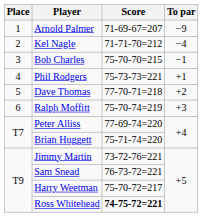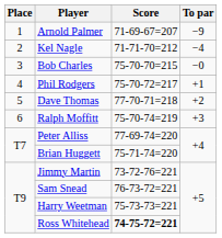 <table class="wikitable">
 <tr>
 <th>Place</th>
 <th>Player</th>
 <th>Score</th>
 <th>To par</th>
 </tr>
 <tr>
 <td align=center>1</td>
 <td> <a href='#'>Arnold Palmer</a></td>
 <td align=center>71-69-67=207</td>
 <td align=center>−9</td>
 </tr>
 <tr>
 <td align=center>2</td>
 <td> <a href='#'>Kel Nagle</a></td>
 <td align=center>71-71-70=212</td>
 <td align=center>−4</td>
 </tr>
 <tr>
 <td align=center>3</td>
 <td> <a href='#'>Bob Charles</a></td>
 <td align=center>75-70-70=215</td>
-<td align=center>−1</td>
+<td align=center>−0</td>
 </tr>
 <tr>
 <td align=center>4</td>
 <td> <a href='#'>Phil Rodgers</a></td>
-<td align=center>75-73-73=221</td>
+<td align=center>75-70-72=217</td>
 <td align=center>+1</td>
 </tr>
 <tr>
 <td align=center>5</td>
 <td> <a href='#'>Dave Thomas</a></td>
 <td align=center>77-70-71=218</td>
 <td align=center>+2</td>
 </tr>
 <tr>
 <td align=center>6</td>
 <td> <a href='#'>Ralph Moffitt</a></td>
 <td align=center>75-70-74=219</td>
 <td align=center>+3</td>
 </tr>
 <tr>
 <td rowspan="2" align=center>T7</td>
 <td> <a href='#'>Peter Alliss</a></td>
 <td align=center>77-69-74=220</td>
 <td rowspan="2" align=center>+4</td>
 </tr>
 <tr>
 <td> <a href='#'>Brian Huggett</a></td>
 <td align=center>75-71-74=220</td>
 </tr>
 <tr>
 <td rowspan="4" align=center>T9</td>
 <td> <a href='#'>Jimmy Martin</a></td>
 <td align=center>73-72-76=221</td>
 <td rowspan="4" align=center>+5</td>
 </tr>
 <tr>
 <td> <a href='#'>Sam Snead</a></td>
 <td align=center>76-73-72=221</td>
 </tr>
 <tr>
 <td> <a href='#'>Harry Weetman</a></td>
-<td align=center>75-70-72=217</td>
+<td align=center>75-73-73=221</td>
 </tr>
 <tr>
 <td> <a href='#'>Ross Whitehead</a></td>
 <td align=center><strong>74-75-72=221</strong></td>
 </tr>
 </table>
